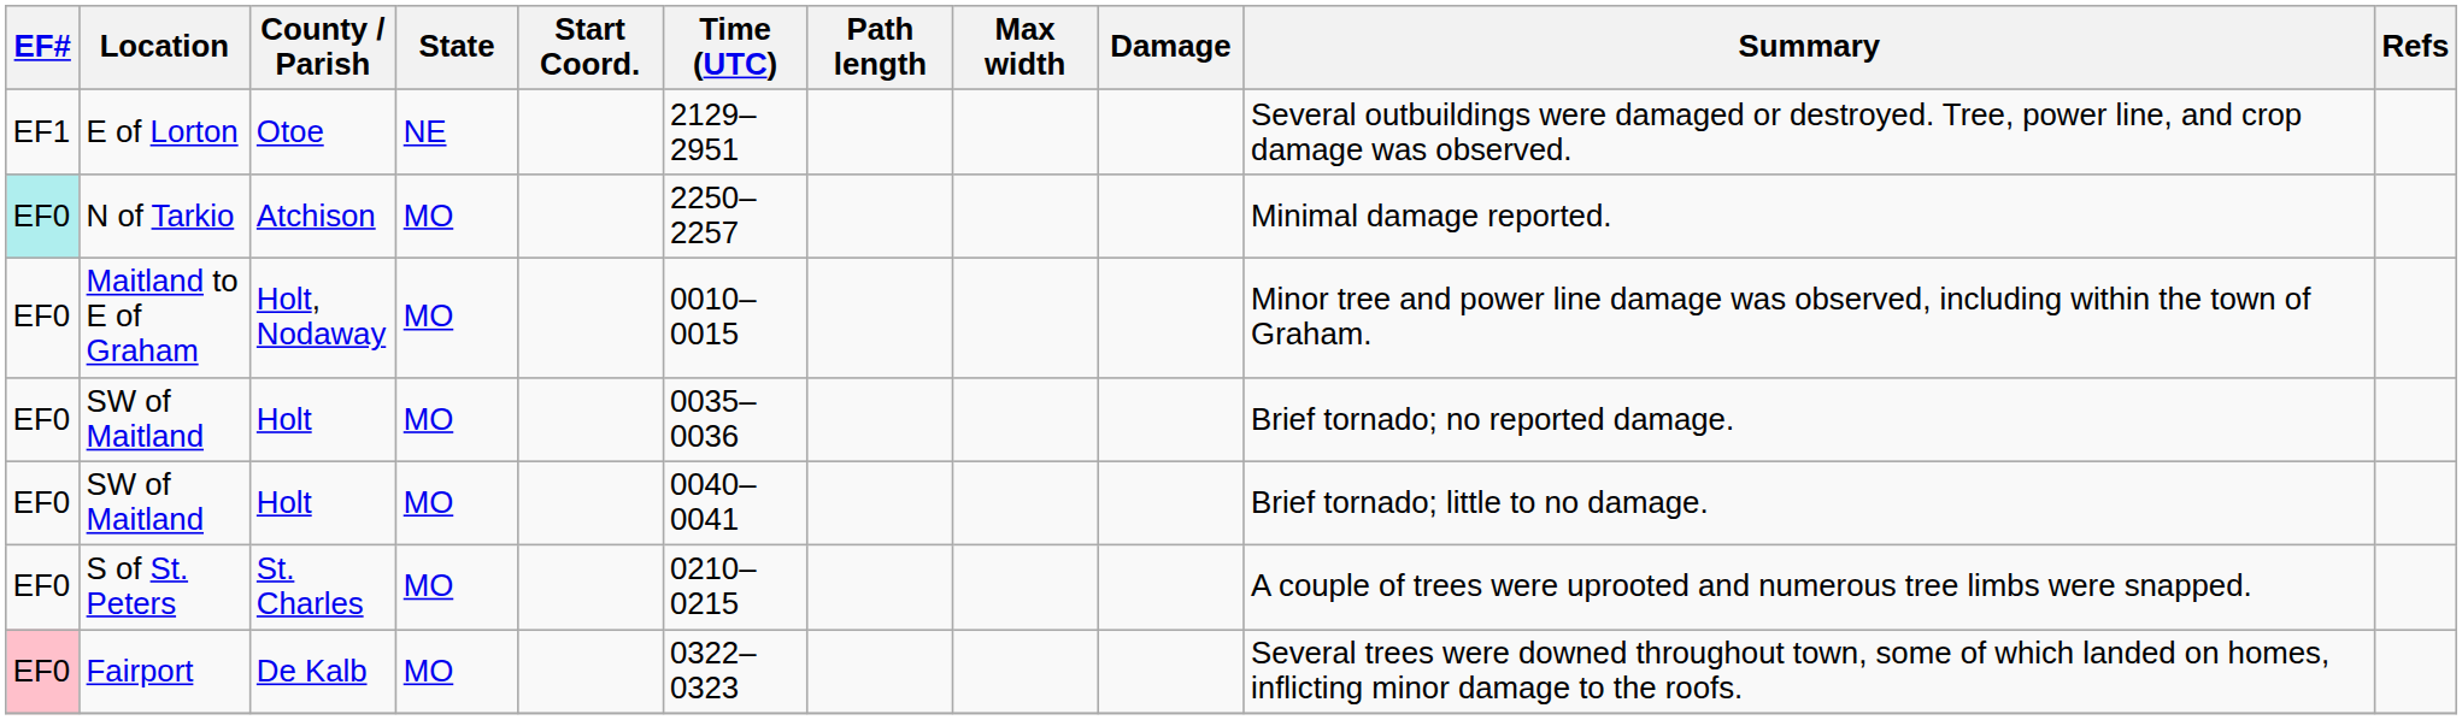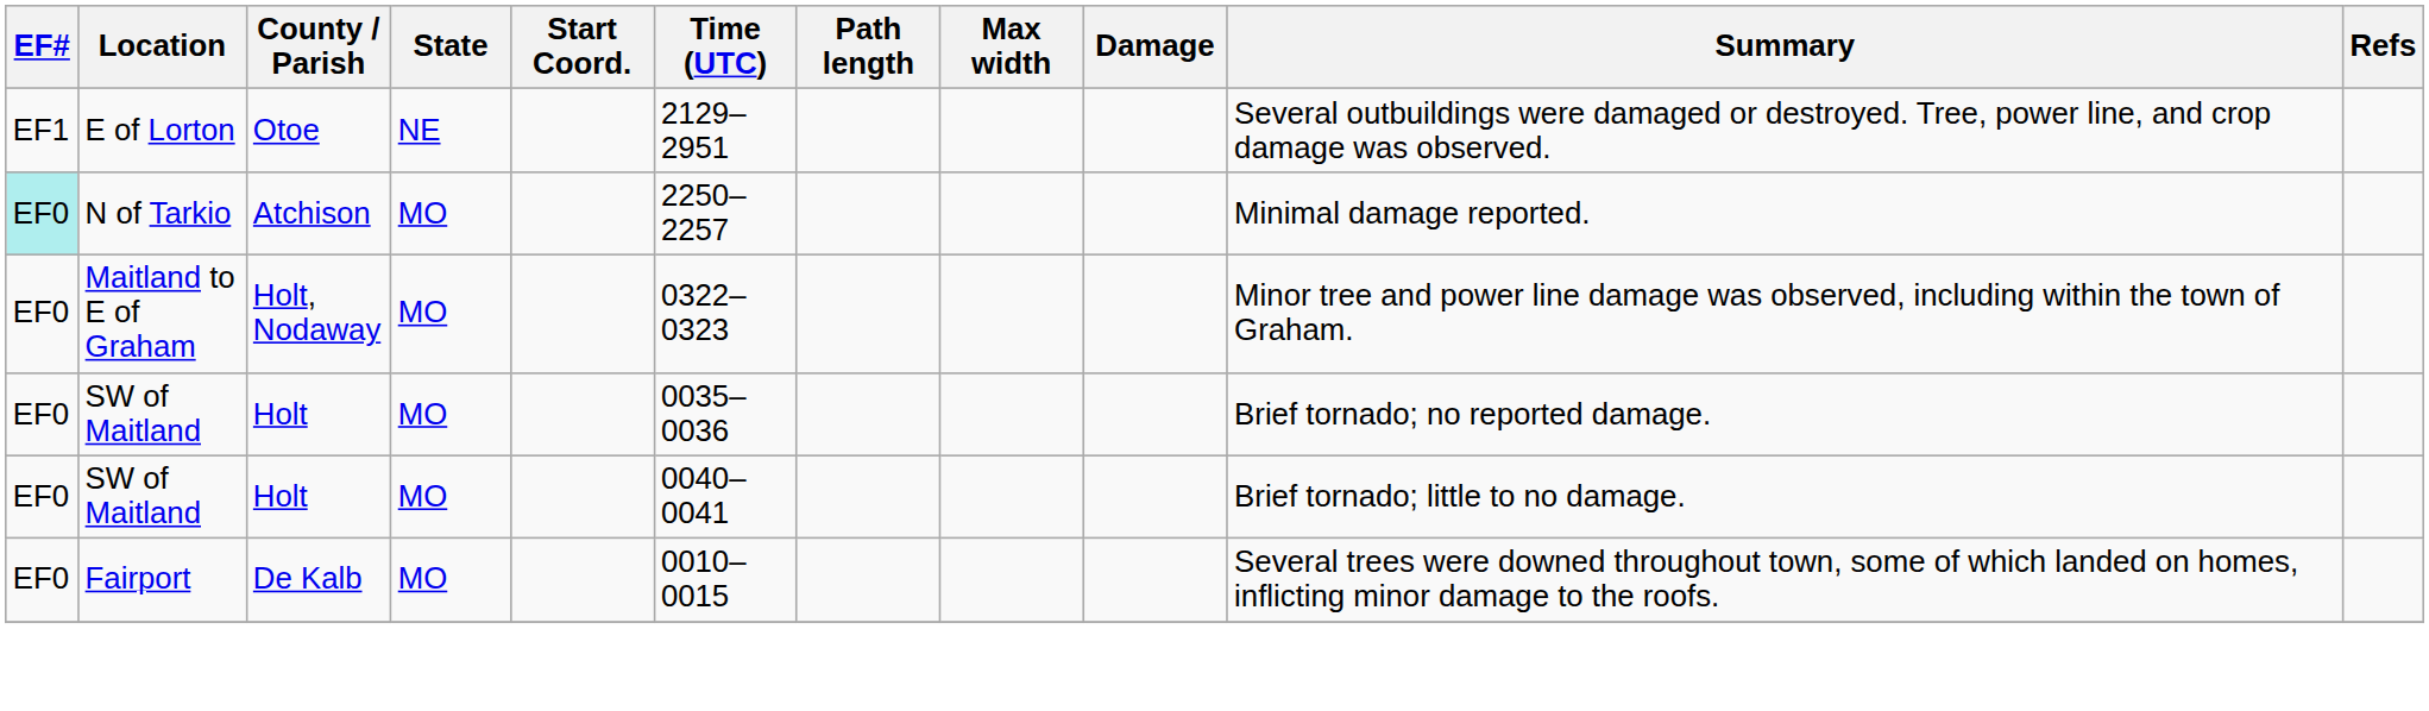 <table class="wikitable sortable" style="width:100%;">
 <tr>
 <th scope="col" width="3%" align="center"><a href='#'>EF#</a></th>
 <th scope="col" width="7%" align="center" class="unsortable">Location</th>
 <th scope="col" width="6%" align="center" class="unsortable">County / Parish</th>
 <th scope="col" width="5%" align="center">State</th>
 <th scope="col" width="6%" align="center">Start Coord.</th>
 <th scope="col" width="6%" align="center">Time (<a href='#'>UTC</a>)</th>
 <th scope="col" width="6%" align="center">Path length</th>
 <th scope="col" width="6%" align="center">Max width</th>
 <th scope="col" width="6%" align="center">Damage</th>
 <th scope="col" width="48%" class="unsortable" align="center">Summary</th>
 <th scope="col" width="48%" class="unsortable" align="center">Refs</th>
 </tr>
 <tr>
 <td>EF1</td>
 <td>E of <a href='#'>Lorton</a></td>
 <td><a href='#'>Otoe</a></td>
 <td><a href='#'>NE</a></td>
 <td></td>
 <td>2129–2951</td>
 <td></td>
 <td></td>
 <td></td>
 <td>Several outbuildings were damaged or destroyed. Tree, power line, and crop damage was observed.</td>
 <td></td>
 </tr>
 <tr>
 <td style="background: paleturquoise;">EF0</td>
 <td>N of <a href='#'>Tarkio</a></td>
 <td><a href='#'>Atchison</a></td>
 <td><a href='#'>MO</a></td>
 <td></td>
 <td>2250–2257</td>
 <td></td>
 <td></td>
 <td></td>
 <td>Minimal damage reported.</td>
 <td></td>
 </tr>
 <tr>
 <td>EF0</td>
 <td><a href='#'>Maitland</a> to E of <a href='#'>Graham</a></td>
 <td><a href='#'>Holt</a>, <a href='#'>Nodaway</a></td>
 <td><a href='#'>MO</a></td>
 <td></td>
-<td>0010–0015</td>
+<td>0322–0323</td>
 <td></td>
 <td></td>
 <td></td>
 <td>Minor tree and power line damage was observed, including within the town of Graham.</td>
 <td></td>
 </tr>
 <tr>
 <td>EF0</td>
 <td>SW of <a href='#'>Maitland</a></td>
 <td><a href='#'>Holt</a></td>
 <td><a href='#'>MO</a></td>
 <td></td>
 <td>0035–0036</td>
 <td></td>
 <td></td>
 <td></td>
 <td>Brief tornado; no reported damage.</td>
 <td></td>
 </tr>
 <tr>
 <td>EF0</td>
 <td>SW of <a href='#'>Maitland</a></td>
 <td><a href='#'>Holt</a></td>
 <td><a href='#'>MO</a></td>
 <td></td>
 <td>0040–0041</td>
 <td></td>
 <td></td>
 <td></td>
 <td>Brief tornado; little to no damage.</td>
 <td></td>
 </tr>
 <tr>
 <td>EF0</td>
-<td>S of <a href='#'>St. Peters</a></td>
-<td><a href='#'>St. Charles</a></td>
-<td><a href='#'>MO</a></td>
-<td></td>
-<td>0210–0215</td>
-<td></td>
-<td></td>
-<td></td>
-<td>A couple of trees were uprooted and numerous tree limbs were snapped.</td>
-<td></td>
-</tr>
-<tr>
-<td style="background: pink;">EF0</td>
 <td><a href='#'>Fairport</a></td>
 <td><a href='#'>De Kalb</a></td>
 <td><a href='#'>MO</a></td>
 <td></td>
-<td>0322–0323</td>
+<td>0010–0015</td>
 <td></td>
 <td></td>
 <td></td>
 <td>Several trees were downed throughout town, some of which landed on homes, inflicting minor damage to the roofs.</td>
 <td></td>
 </tr>
 <tr>
 </tr>
 </table>
